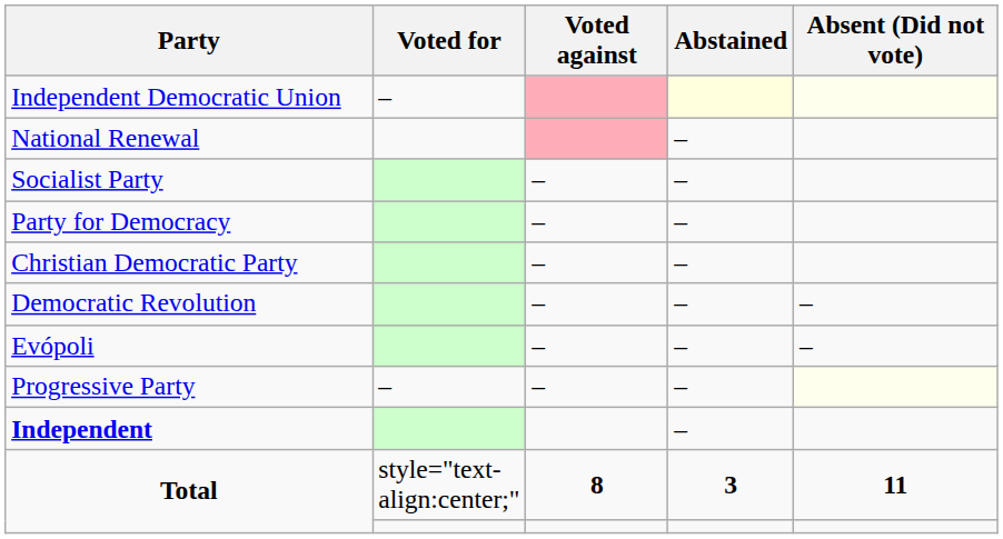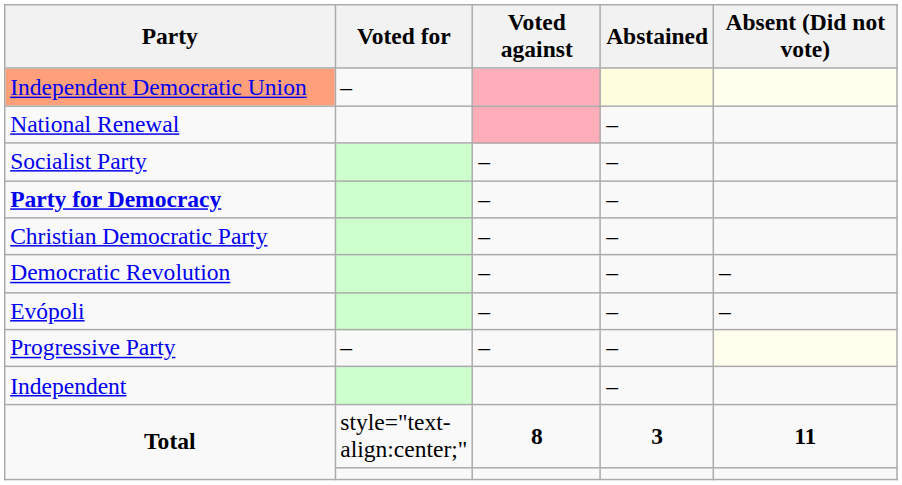 <table class="wikitable">
 <tr>
 <th style="width:37%;">Party</th>
 <th style="width:15%;">Voted for</th>
 <th>Voted against</th>
 <th>Abstained</th>
 <th>Absent (Did not vote)</th>
 </tr>
 <tr>
-<td> <a href='#'>Independent Democratic Union</a></td>
+<td style="background: lightsalmon;"> <a href='#'>Independent Democratic Union</a></td>
 <td>–</td>
 <td style="background-color:#FFAEB9;"></td>
 <td style="background-color:#FFD;"></td>
 <td style="background-color:#FFE;"></td>
 </tr>
 <tr>
 <td> <a href='#'>National Renewal</a></td>
 <td></td>
 <td style="background-color:#FFAEB9;"></td>
 <td>–</td>
 <td></td>
 </tr>
 <tr>
 <td> <a href='#'>Socialist Party</a></td>
 <td style="background-color:#CCFFCC;"></td>
 <td>–</td>
 <td>–</td>
 <td></td>
 </tr>
 <tr>
-<td> <a href='#'>Party for Democracy</a></td>
+<td><strong> <a href='#'>Party for Democracy</a></strong></td>
 <td style="background-color:#CCFFCC;"></td>
 <td>–</td>
 <td>–</td>
 <td></td>
 </tr>
 <tr>
 <td> <a href='#'>Christian Democratic Party</a></td>
 <td style="background-color:#CCFFCC;"></td>
 <td>–</td>
 <td>–</td>
 <td></td>
 </tr>
 <tr>
 <td> <a href='#'>Democratic Revolution</a></td>
 <td style="background-color:#CCFFCC;"></td>
 <td>–</td>
 <td>–</td>
 <td>–</td>
 </tr>
 <tr>
 <td> <a href='#'>Evópoli</a></td>
 <td style="background-color:#CCFFCC;"></td>
 <td>–</td>
 <td>–</td>
 <td>–</td>
 </tr>
 <tr>
 <td> <a href='#'>Progressive Party</a></td>
 <td>–</td>
 <td>–</td>
 <td>–</td>
 <td style="background-color:#FFE;"></td>
 </tr>
 <tr>
-<td><strong> <a href='#'>Independent</a></strong></td>
+<td> <a href='#'>Independent</a></td>
 <td style="background-color:#CCFFCC;"></td>
 <td></td>
 <td>–</td>
 <td></td>
 </tr>
 <tr>
 <td style="text-align:center;" rowspan="2"><strong>Total</strong></td>
 <td>style="text-align:center;" </td>
 <td style="text-align:center;"><strong>8</strong></td>
 <td style="text-align:center;"><strong>3</strong></td>
 <td style="text-align:center;"><strong>11</strong></td>
 </tr>
 <tr>
 <td style="text-align:center;"></td>
 <td style="text-align:center;"></td>
 <td style="text-align:center;"></td>
 <td style="text-align:center;"></td>
 </tr>
 </table>
